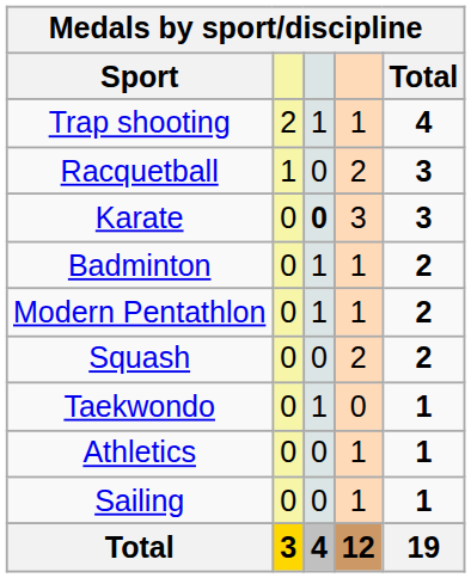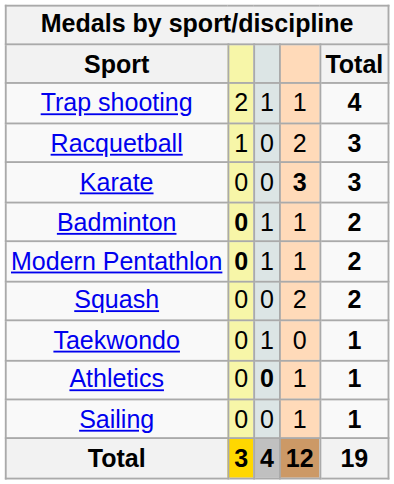 <table class="wikitable" style=font-size:85%;float:right;text-align:center>
 <tr>
 <th colspan=5>Medals by sport/discipline</th>
 </tr>
 <tr>
 <th>Sport</th>
 <td bgcolor=F7F6A8></td>
 <td bgcolor=DCE5E5></td>
 <td bgcolor=FFDAB9></td>
 <th>Total</th>
 </tr>
 <tr>
 <td><a href='#'>Trap shooting</a></td>
 <td bgcolor=F7F6A8>2</td>
 <td bgcolor=DCE5E5>1</td>
 <td bgcolor=FFDAB9>1</td>
 <td><strong>4</strong></td>
 </tr>
 <tr>
 <td><a href='#'>Racquetball</a></td>
 <td bgcolor=F7F6A8>1</td>
 <td bgcolor=DCE5E5>0</td>
 <td bgcolor=FFDAB9>2</td>
 <td><strong>3</strong></td>
 </tr>
 <tr>
 <td><a href='#'>Karate</a></td>
 <td bgcolor=F7F6A8>0</td>
-<td bgcolor=DCE5E5><strong>0</strong></td>
-<td bgcolor=FFDAB9>3</td>
+<td bgcolor=DCE5E5>0</td>
+<td bgcolor=FFDAB9><strong>3</strong></td>
 <td><strong>3</strong></td>
 </tr>
 <tr>
 <td><a href='#'>Badminton</a></td>
-<td bgcolor=F7F6A8>0</td>
+<td bgcolor=F7F6A8><strong>0</strong></td>
 <td bgcolor=DCE5E5>1</td>
 <td bgcolor=FFDAB9>1</td>
 <td><strong>2</strong></td>
 </tr>
 <tr>
 <td><a href='#'>Modern Pentathlon</a></td>
-<td bgcolor=F7F6A8>0</td>
+<td bgcolor=F7F6A8><strong>0</strong></td>
 <td bgcolor=DCE5E5>1</td>
 <td bgcolor=FFDAB9>1</td>
 <td><strong>2</strong></td>
 </tr>
 <tr>
 <td><a href='#'>Squash</a></td>
 <td bgcolor=F7F6A8>0</td>
 <td bgcolor=DCE5E5>0</td>
 <td bgcolor=FFDAB9>2</td>
 <td><strong>2</strong></td>
 </tr>
 <tr>
 <td><a href='#'>Taekwondo</a></td>
 <td bgcolor=F7F6A8>0</td>
 <td bgcolor=DCE5E5>1</td>
 <td bgcolor=FFDAB9>0</td>
 <td><strong>1</strong></td>
 </tr>
 <tr>
 <td><a href='#'>Athletics</a></td>
 <td bgcolor=F7F6A8>0</td>
-<td bgcolor=DCE5E5>0</td>
+<td bgcolor=DCE5E5><strong>0</strong></td>
 <td bgcolor=FFDAB9>1</td>
 <td><strong>1</strong></td>
 </tr>
 <tr>
 <td><a href='#'>Sailing</a></td>
 <td bgcolor=F7F6A8>0</td>
 <td bgcolor=DCE5E5>0</td>
 <td bgcolor=FFDAB9>1</td>
 <td><strong>1</strong></td>
 </tr>
 <tr>
 <th>Total</th>
 <th style=background:gold>3</th>
 <th style=background:silver>4</th>
 <th style=background:#c96>12</th>
 <th>19</th>
 </tr>
 </table>
